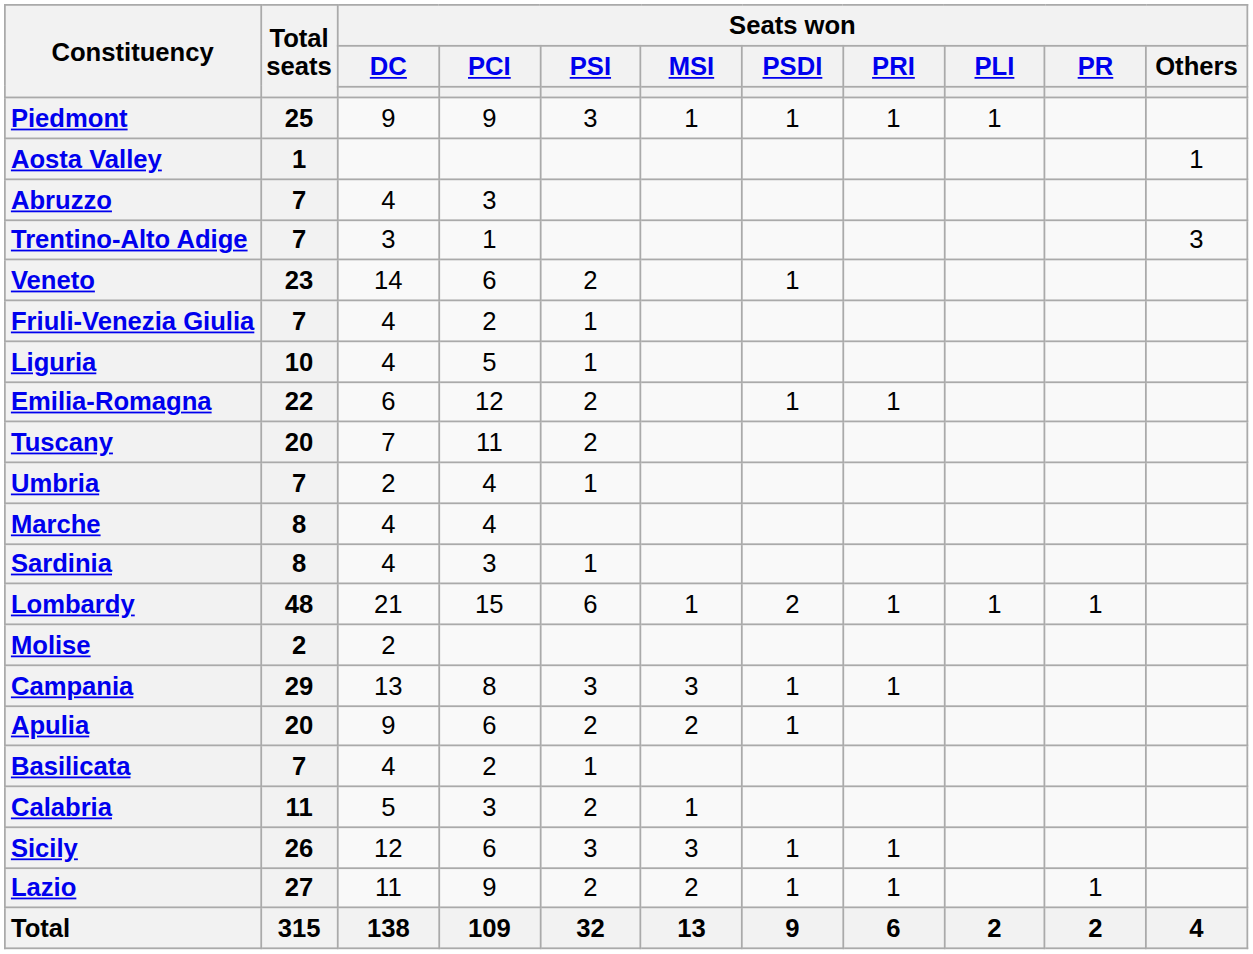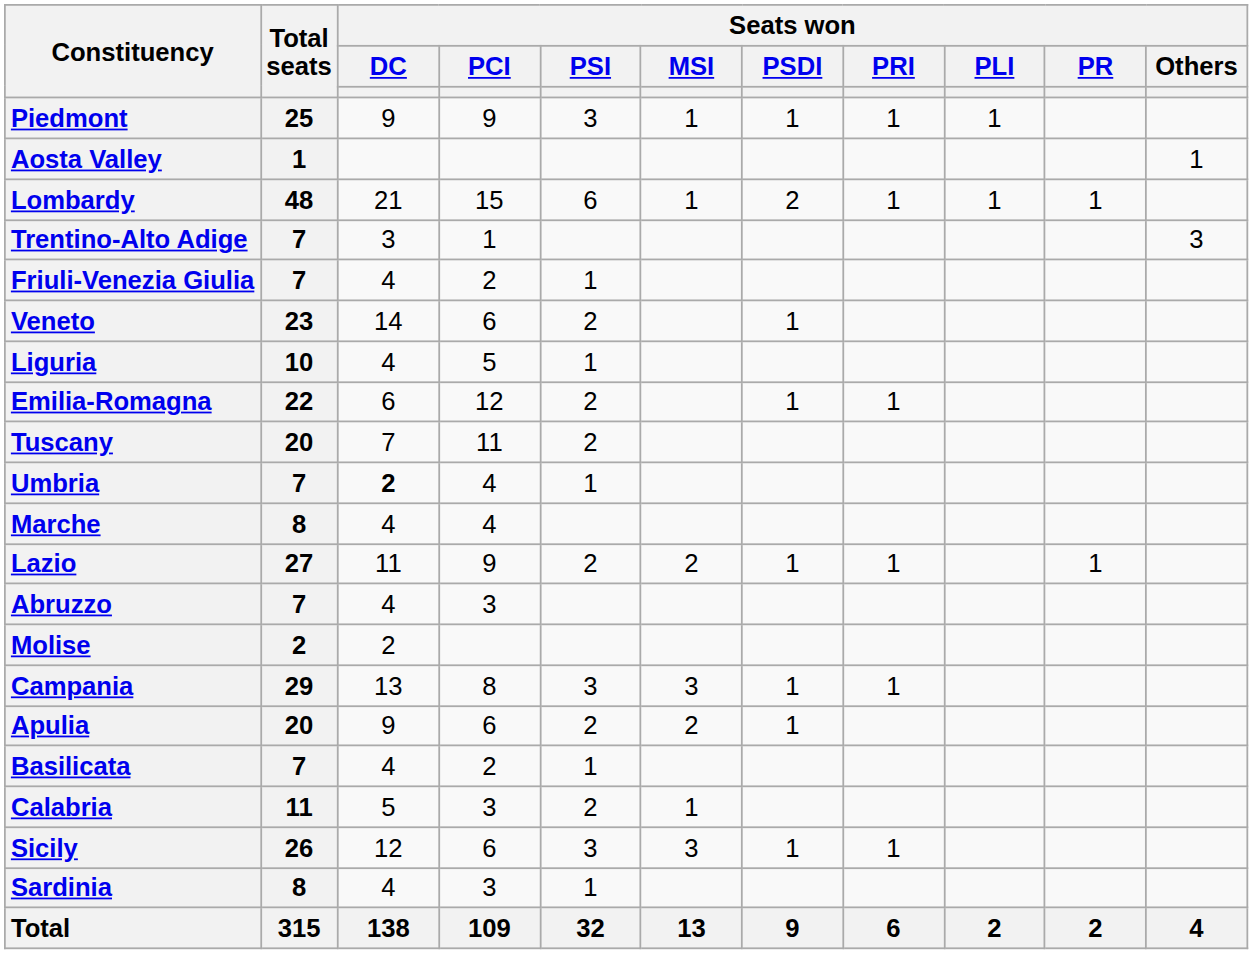 <table class="wikitable" style="text-align:center; font-size: 0.9em">
 <tr>
 <th rowspan="3">Constituency</th>
 <th rowspan="3">Total<br>seats</th>
 <th colspan="9">Seats won</th>
 </tr>
 <tr>
 <th class="unsortable" style="width:50px;"><a href='#'>DC</a></th>
 <th class="unsortable" style="width:50px;"><a href='#'>PCI</a></th>
 <th class="unsortable" style="width:50px;"><a href='#'>PSI</a></th>
 <th class="unsortable" style="width:50px;"><a href='#'>MSI</a></th>
 <th class="unsortable" style="width:50px;"><a href='#'>PSDI</a></th>
 <th class="unsortable" style="width:50px;"><a href='#'>PRI</a></th>
 <th class="unsortable" style="width:50px;"><a href='#'>PLI</a></th>
 <th class="unsortable" style="width:50px;"><a href='#'>PR</a></th>
 <th class="unsortable" style="width:50px;">Others</th>
 </tr>
 <tr>
 <th style="background:"></th>
 <th style="background:"></th>
 <th style="background:"></th>
 <th style="background:"></th>
 <th style="background:"></th>
 <th style="background:"></th>
 <th style="background:"></th>
 <th style="background:"></th>
 <th style="background:"></th>
 </tr>
 <tr>
 <th style="text-align: left;"><a href='#'>Piedmont</a></th>
 <th>25</th>
 <td>9</td>
 <td>9</td>
 <td>3</td>
 <td>1</td>
 <td>1</td>
 <td>1</td>
 <td>1</td>
 <td></td>
 <td></td>
 </tr>
 <tr>
 <th style="text-align: left;"><a href='#'>Aosta Valley</a></th>
 <th>1</th>
 <td></td>
 <td></td>
 <td></td>
 <td></td>
 <td></td>
 <td></td>
 <td></td>
 <td></td>
 <td>1</td>
 </tr>
 <tr>
-<th style="text-align: left;"><a href='#'>Abruzzo</a></th>
-<th>7</th>
-<td>4</td>
-<td>3</td>
-<td></td>
-<td></td>
-<td></td>
-<td></td>
-<td></td>
-<td></td>
+<th style="text-align: left;"><a href='#'>Lombardy</a></th>
+<th>48</th>
+<td>21</td>
+<td>15</td>
+<td>6</td>
+<td>1</td>
+<td>2</td>
+<td>1</td>
+<td>1</td>
+<td>1</td>
 <td></td>
 </tr>
 <tr>
 <th style="text-align: left;"><a href='#'>Trentino-Alto Adige</a></th>
 <th>7</th>
 <td>3</td>
 <td>1</td>
 <td></td>
 <td></td>
 <td></td>
 <td></td>
 <td></td>
 <td></td>
 <td>3</td>
 </tr>
 <tr>
+<th style="text-align: left;"><a href='#'>Friuli-Venezia Giulia</a></th>
+<th>7</th>
+<td>4</td>
+<td>2</td>
+<td>1</td>
+<td></td>
+<td></td>
+<td></td>
+<td></td>
+<td></td>
+<td></td>
+</tr>
+<tr>
 <th style="text-align: left;"><a href='#'>Veneto</a></th>
 <th>23</th>
 <td>14</td>
 <td>6</td>
 <td>2</td>
 <td></td>
 <td>1</td>
-<td></td>
-<td></td>
-<td></td>
-<td></td>
-</tr>
-<tr>
-<th style="text-align: left;"><a href='#'>Friuli-Venezia Giulia</a></th>
-<th>7</th>
-<td>4</td>
-<td>2</td>
-<td>1</td>
-<td></td>
-<td></td>
 <td></td>
 <td></td>
 <td></td>
 <td></td>
 </tr>
 <tr>
 <th style="text-align: left;"><a href='#'>Liguria</a></th>
 <th>10</th>
 <td>4</td>
 <td>5</td>
 <td>1</td>
 <td></td>
 <td></td>
 <td></td>
 <td></td>
 <td></td>
 <td></td>
 </tr>
 <tr>
 <th style="text-align: left;"><a href='#'>Emilia-Romagna</a></th>
 <th>22</th>
 <td>6</td>
 <td>12</td>
 <td>2</td>
 <td></td>
 <td>1</td>
 <td>1</td>
 <td></td>
 <td></td>
 <td></td>
 </tr>
 <tr>
 <th style="text-align: left;"><a href='#'>Tuscany</a></th>
 <th>20</th>
 <td>7</td>
 <td>11</td>
 <td>2</td>
 <td></td>
 <td></td>
 <td></td>
 <td></td>
 <td></td>
 <td></td>
 </tr>
 <tr>
 <th style="text-align: left;"><a href='#'>Umbria</a></th>
 <th>7</th>
-<td>2</td>
+<td><strong>2</strong></td>
 <td>4</td>
 <td>1</td>
 <td></td>
 <td></td>
 <td></td>
 <td></td>
 <td></td>
 <td></td>
 </tr>
 <tr>
 <th style="text-align: left;"><a href='#'>Marche</a></th>
 <th>8</th>
 <td>4</td>
 <td>4</td>
 <td></td>
 <td></td>
 <td></td>
 <td></td>
 <td></td>
 <td></td>
 <td></td>
 </tr>
 <tr>
-<th style="text-align: left;"><a href='#'>Sardinia</a></th>
-<th>8</th>
+<th style="text-align: left;"><a href='#'>Lazio</a></th>
+<th>27</th>
+<td>11</td>
+<td>9</td>
+<td>2</td>
+<td>2</td>
+<td>1</td>
+<td>1</td>
+<td></td>
+<td>1</td>
+<td></td>
+</tr>
+<tr>
+<th style="text-align: left;"><a href='#'>Abruzzo</a></th>
+<th>7</th>
 <td>4</td>
 <td>3</td>
-<td>1</td>
 <td></td>
 <td></td>
 <td></td>
 <td></td>
 <td></td>
 <td></td>
-</tr>
-<tr>
-<th style="text-align: left;"><a href='#'>Lombardy</a></th>
-<th>48</th>
-<td>21</td>
-<td>15</td>
-<td>6</td>
-<td>1</td>
-<td>2</td>
-<td>1</td>
-<td>1</td>
-<td>1</td>
 <td></td>
 </tr>
 <tr>
 <th style="text-align: left;"><a href='#'>Molise</a></th>
 <th>2</th>
 <td>2</td>
 <td></td>
 <td></td>
 <td></td>
 <td></td>
 <td></td>
 <td></td>
 <td></td>
 <td></td>
 </tr>
 <tr>
 <th style="text-align: left;"><a href='#'>Campania</a></th>
 <th>29</th>
 <td>13</td>
 <td>8</td>
 <td>3</td>
 <td>3</td>
 <td>1</td>
 <td>1</td>
 <td></td>
 <td></td>
 <td></td>
 </tr>
 <tr>
 <th style="text-align: left;"><a href='#'>Apulia</a></th>
 <th>20</th>
 <td>9</td>
 <td>6</td>
 <td>2</td>
 <td>2</td>
 <td>1</td>
 <td></td>
 <td></td>
 <td></td>
 <td></td>
 </tr>
 <tr>
 <th style="text-align: left;"><a href='#'>Basilicata</a></th>
 <th>7</th>
 <td>4</td>
 <td>2</td>
 <td>1</td>
 <td></td>
 <td></td>
 <td></td>
 <td></td>
 <td></td>
 <td></td>
 </tr>
 <tr>
 <th style="text-align: left;"><a href='#'>Calabria</a></th>
 <th>11</th>
 <td>5</td>
 <td>3</td>
 <td>2</td>
 <td>1</td>
 <td></td>
 <td></td>
 <td></td>
 <td></td>
 <td></td>
 </tr>
 <tr>
 <th style="text-align: left;"><a href='#'>Sicily</a></th>
 <th>26</th>
 <td>12</td>
 <td>6</td>
 <td>3</td>
 <td>3</td>
 <td>1</td>
 <td>1</td>
 <td></td>
 <td></td>
 <td></td>
 </tr>
 <tr>
-<th style="text-align: left;"><a href='#'>Lazio</a></th>
-<th>27</th>
-<td>11</td>
-<td>9</td>
-<td>2</td>
-<td>2</td>
-<td>1</td>
+<th style="text-align: left;"><a href='#'>Sardinia</a></th>
+<th>8</th>
+<td>4</td>
+<td>3</td>
 <td>1</td>
 <td></td>
-<td>1</td>
+<td></td>
+<td></td>
+<td></td>
+<td></td>
 <td></td>
 </tr>
 <tr>
 <th style="text-align: left;">Total</th>
 <th>315</th>
 <th>138</th>
 <th>109</th>
 <th>32</th>
 <th>13</th>
 <th>9</th>
 <th>6</th>
 <th>2</th>
 <th>2</th>
 <th>4</th>
 </tr>
 </table>
